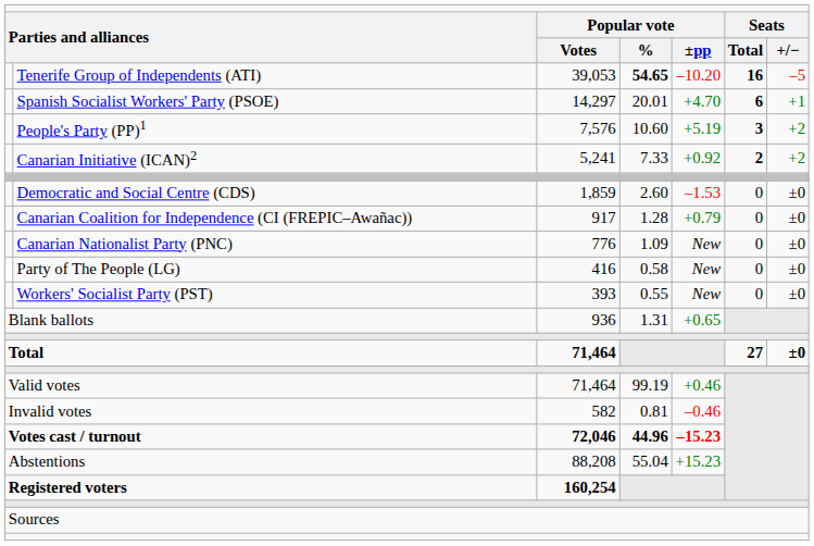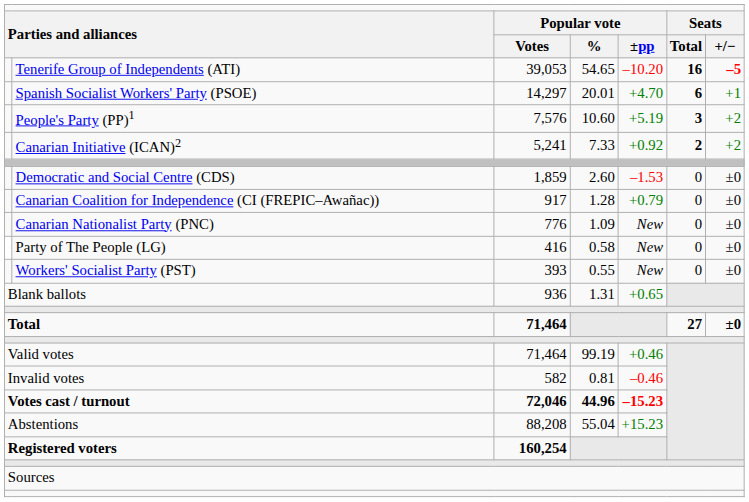 <table class="wikitable" style="text-align:right;">
 <tr>
 <td colspan="7"></td>
 </tr>
 <tr>
 <th style="text-align:left;" rowspan="2" colspan="2" width="525">Parties and alliances</th>
 <th colspan="3">Popular vote</th>
 <th colspan="2">Seats</th>
 </tr>
 <tr>
 <th width="75">Votes</th>
 <th width="45">%</th>
 <th width="45">±<a href='#'>pp</a></th>
 <th width="35">Total</th>
 <th width="35">+/−</th>
 </tr>
 <tr>
 <td width="1" style="color:inherit;background:"></td>
 <td align="left"><a href='#'>Tenerife Group of Independents</a> (ATI)</td>
 <td>39,053</td>
-<td><strong>54.65</strong></td>
+<td>54.65</td>
 <td style="color:red;">–10.20</td>
 <td><strong>16</strong></td>
-<td style="color:red;">–5</td>
+<td style="color:red;"><strong>–5</strong></td>
 </tr>
 <tr>
 <td style="color:inherit;background:"></td>
 <td align="left"><a href='#'>Spanish Socialist Workers' Party</a> (PSOE)</td>
 <td>14,297</td>
 <td>20.01</td>
 <td style="color:green;">+4.70</td>
 <td><strong>6</strong></td>
 <td style="color:green;">+1</td>
 </tr>
 <tr>
 <td style="color:inherit;background:"></td>
 <td align="left"><a href='#'>People's Party</a> (PP)<sup>1</sup></td>
 <td>7,576</td>
 <td>10.60</td>
 <td style="color:green;">+5.19</td>
 <td><strong>3</strong></td>
 <td style="color:green;">+2</td>
 </tr>
 <tr>
 <td style="color:inherit;background:"></td>
 <td align="left"><a href='#'>Canarian Initiative</a> (ICAN)<sup>2</sup></td>
 <td>5,241</td>
 <td>7.33</td>
 <td style="color:green;">+0.92</td>
 <td><strong>2</strong></td>
 <td style="color:green;">+2</td>
 </tr>
 <tr>
 <td colspan="7" bgcolor="#C0C0C0"></td>
 </tr>
 <tr>
 <td style="color:inherit;background:"></td>
 <td align="left"><a href='#'>Democratic and Social Centre</a> (CDS)</td>
 <td>1,859</td>
 <td>2.60</td>
 <td style="color:red;">–1.53</td>
 <td>0</td>
 <td>±0</td>
 </tr>
 <tr>
 <td style="color:inherit;background:"></td>
 <td align="left"><a href='#'>Canarian Coalition for Independence</a> (CI (FREPIC–Awañac))</td>
 <td>917</td>
 <td>1.28</td>
 <td style="color:green;">+0.79</td>
 <td>0</td>
 <td>±0</td>
 </tr>
 <tr>
 <td style="color:inherit;background:"></td>
 <td align="left"><a href='#'>Canarian Nationalist Party</a> (PNC)</td>
 <td>776</td>
 <td>1.09</td>
 <td><em>New</em></td>
 <td>0</td>
 <td>±0</td>
 </tr>
 <tr>
 <td bgcolor="white"></td>
 <td align="left">Party of The People (LG)</td>
 <td>416</td>
 <td>0.58</td>
 <td><em>New</em></td>
 <td>0</td>
 <td>±0</td>
 </tr>
 <tr>
 <td style="color:inherit;background:"></td>
 <td align="left"><a href='#'>Workers' Socialist Party</a> (PST)</td>
 <td>393</td>
 <td>0.55</td>
 <td><em>New</em></td>
 <td>0</td>
 <td>±0</td>
 </tr>
 <tr>
 <td align="left" colspan="2">Blank ballots</td>
 <td>936</td>
 <td>1.31</td>
 <td style="color:green;">+0.65</td>
 <td bgcolor="#E9E9E9" colspan="2"></td>
 </tr>
 <tr>
 <td colspan="7" bgcolor="#E9E9E9"></td>
 </tr>
 <tr style="font-weight:bold;">
 <td align="left" colspan="2">Total</td>
 <td>71,464</td>
 <td bgcolor="#E9E9E9" colspan="2"></td>
 <td>27</td>
 <td>±0</td>
 </tr>
 <tr>
 <td colspan="7" bgcolor="#E9E9E9"></td>
 </tr>
 <tr>
 <td align="left" colspan="2">Valid votes</td>
 <td>71,464</td>
 <td>99.19</td>
 <td style="color:green;">+0.46</td>
 <td bgcolor="#E9E9E9" colspan="2" rowspan="5"></td>
 </tr>
 <tr>
 <td align="left" colspan="2">Invalid votes</td>
 <td>582</td>
 <td>0.81</td>
 <td style="color:red;">–0.46</td>
 </tr>
 <tr style="font-weight:bold;">
 <td align="left" colspan="2">Votes cast / turnout</td>
 <td>72,046</td>
 <td>44.96</td>
 <td style="color:red;">–15.23</td>
 </tr>
 <tr>
 <td align="left" colspan="2">Abstentions</td>
 <td>88,208</td>
 <td>55.04</td>
 <td style="color:green;">+15.23</td>
 </tr>
 <tr style="font-weight:bold;">
 <td align="left" colspan="2">Registered voters</td>
 <td>160,254</td>
 <td bgcolor="#E9E9E9" colspan="2"></td>
 </tr>
 <tr>
 <td colspan="7" bgcolor="#E9E9E9"></td>
 </tr>
 <tr>
 <td align="left" colspan="7">Sources</td>
 </tr>
 <tr>
 <td colspan="7" style="text-align:left; max-width:790px;"></td>
 </tr>
 </table>
